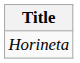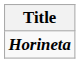 <table class="wikitable">
 <tr>
 <th>Title</th>
 </tr>
 <tr>
-<td><em>Horineta</em></td>
+<td><strong><em>Horineta</em></strong></td>
 </tr>
 </table>
